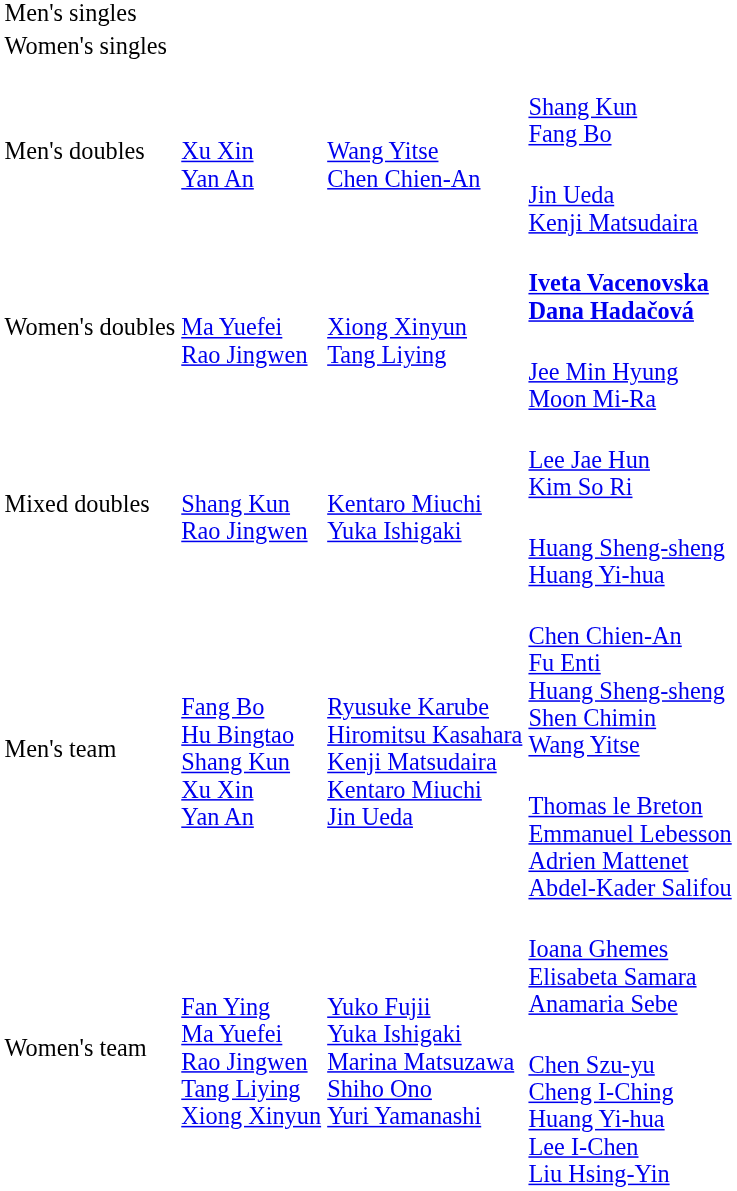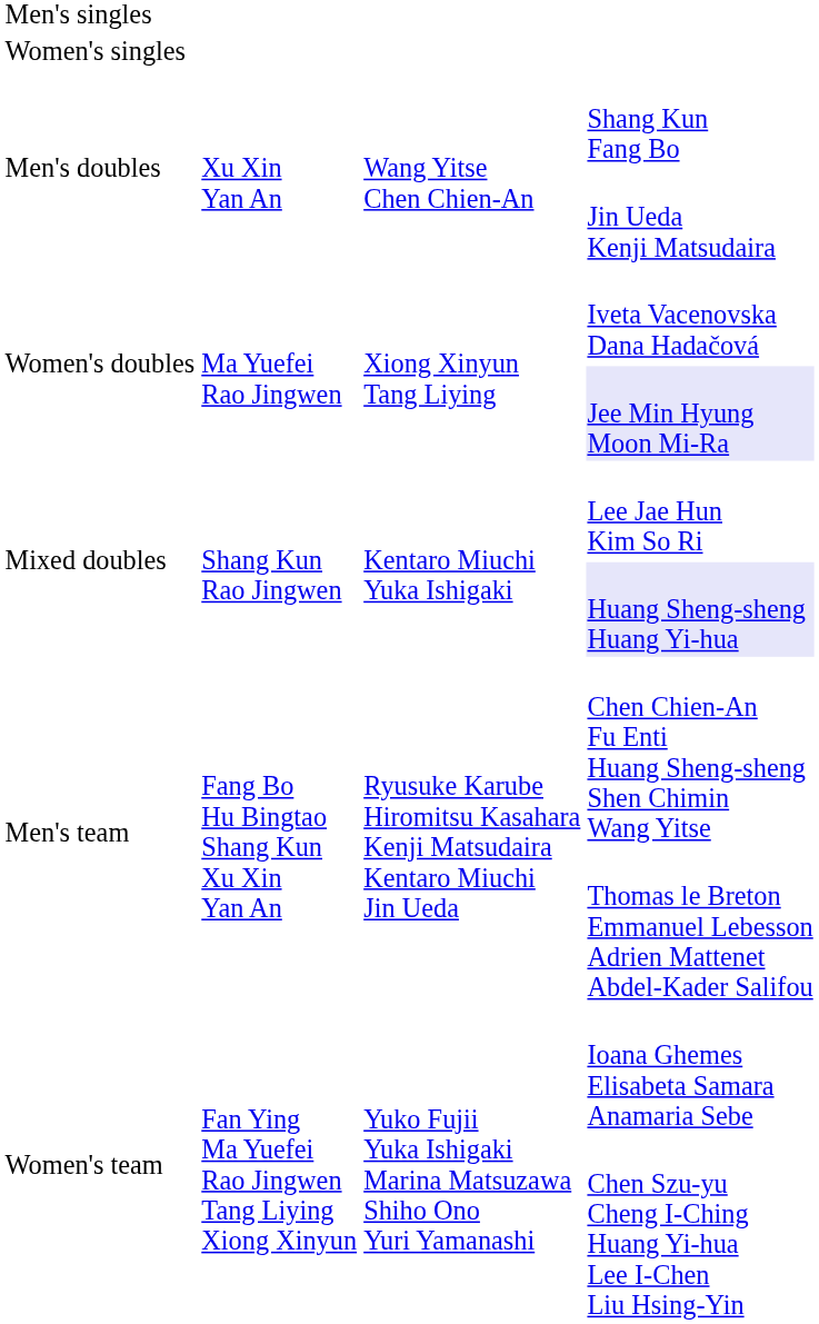 <table>
 <tr>
 <td rowspan=2>Men's singles<br></td>
 <td rowspan=2></td>
 <td rowspan=2></td>
 <td></td>
 </tr>
 <tr>
 <td></td>
 </tr>
 <tr>
 <td rowspan=2>Women's singles<br></td>
 <td rowspan=2></td>
 <td rowspan=2></td>
 <td></td>
 </tr>
 <tr>
 <td></td>
 </tr>
 <tr>
 <td rowspan=2>Men's doubles<br></td>
 <td rowspan=2><br><a href='#'>Xu Xin</a> <br><a href='#'>Yan An</a></td>
 <td rowspan=2><br><a href='#'>Wang Yitse</a> <br><a href='#'>Chen Chien-An</a></td>
 <td><br><a href='#'>Shang Kun</a> <br><a href='#'>Fang Bo</a></td>
 </tr>
 <tr>
 <td><br><a href='#'>Jin Ueda</a> <br><a href='#'>Kenji Matsudaira</a></td>
 </tr>
 <tr>
 <td rowspan=2>Women's doubles<br></td>
 <td rowspan=2><br><a href='#'>Ma Yuefei</a> <br><a href='#'>Rao Jingwen</a></td>
 <td rowspan=2><br><a href='#'>Xiong Xinyun</a> <br><a href='#'>Tang Liying</a></td>
-<td><strong><br><a href='#'>Iveta Vacenovska</a> <br><a href='#'>Dana Hadačová</a></strong></td>
+<td><br><a href='#'>Iveta Vacenovska</a> <br><a href='#'>Dana Hadačová</a></td>
 </tr>
 <tr>
-<td><br><a href='#'>Jee Min Hyung</a> <br><a href='#'>Moon Mi-Ra</a></td>
+<td style="background: lavender;"><br><a href='#'>Jee Min Hyung</a> <br><a href='#'>Moon Mi-Ra</a></td>
 </tr>
 <tr>
 <td rowspan=2>Mixed doubles<br></td>
 <td rowspan=2><br><a href='#'>Shang Kun</a> <br><a href='#'>Rao Jingwen</a></td>
 <td rowspan=2><br><a href='#'>Kentaro Miuchi</a> <br><a href='#'>Yuka Ishigaki</a></td>
 <td><br><a href='#'>Lee Jae Hun</a> <br><a href='#'>Kim So Ri</a></td>
 </tr>
 <tr>
-<td><br><a href='#'>Huang Sheng-sheng</a> <br><a href='#'>Huang Yi-hua</a></td>
+<td style="background: lavender;"><br><a href='#'>Huang Sheng-sheng</a> <br><a href='#'>Huang Yi-hua</a></td>
 </tr>
 <tr>
 <td rowspan=2>Men's team<br></td>
 <td rowspan=2><br><a href='#'>Fang Bo</a> <br><a href='#'>Hu Bingtao</a><br><a href='#'>Shang Kun</a><br><a href='#'>Xu Xin</a><br><a href='#'>Yan An</a></td>
 <td rowspan=2><br><a href='#'>Ryusuke Karube</a> <br><a href='#'>Hiromitsu Kasahara</a><br><a href='#'>Kenji Matsudaira</a><br><a href='#'>Kentaro Miuchi</a><br><a href='#'>Jin Ueda</a></td>
 <td><br><a href='#'>Chen Chien-An</a> <br><a href='#'>Fu Enti</a><br><a href='#'>Huang Sheng-sheng</a><br><a href='#'>Shen Chimin</a><br><a href='#'>Wang Yitse</a></td>
 </tr>
 <tr>
 <td><br><a href='#'>Thomas le Breton</a> <br><a href='#'>Emmanuel Lebesson</a><br><a href='#'>Adrien Mattenet</a><br><a href='#'>Abdel-Kader Salifou</a></td>
 </tr>
 <tr>
 <td rowspan=2>Women's team<br></td>
 <td rowspan=2><br><a href='#'>Fan Ying</a> <br><a href='#'>Ma Yuefei</a><br><a href='#'>Rao Jingwen</a><br><a href='#'>Tang Liying</a><br><a href='#'>Xiong Xinyun</a></td>
 <td rowspan=2><br><a href='#'>Yuko Fujii</a> <br><a href='#'>Yuka Ishigaki</a><br><a href='#'>Marina Matsuzawa</a><br><a href='#'>Shiho Ono</a><br><a href='#'>Yuri Yamanashi</a></td>
 <td><br><a href='#'>Ioana Ghemes</a> <br><a href='#'>Elisabeta Samara</a><br><a href='#'>Anamaria Sebe</a></td>
 </tr>
 <tr>
 <td><br><a href='#'>Chen Szu-yu</a> <br><a href='#'>Cheng I-Ching</a><br><a href='#'>Huang Yi-hua</a><br><a href='#'>Lee I-Chen</a><br><a href='#'>Liu Hsing-Yin</a></td>
 </tr>
 </table>
